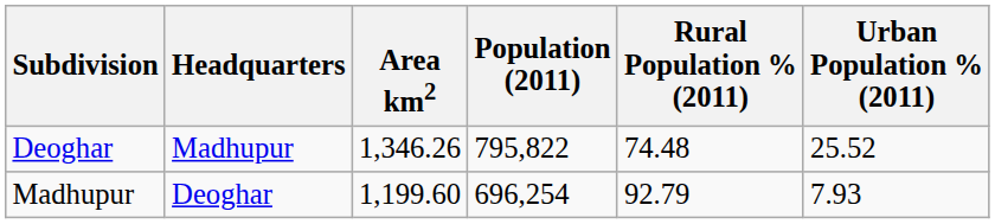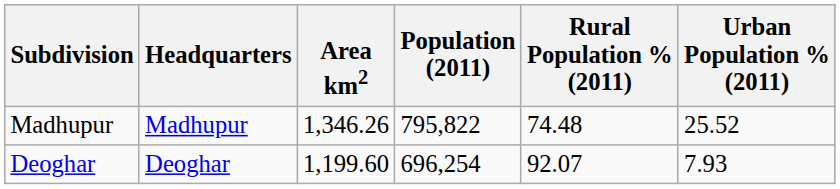 <table class="wikitable sortable">
 <tr>
 <th>Subdivision</th>
 <th>Headquarters</th>
 <th><br>Area<br>km<sup>2</sup></th>
 <th>Population<br>(2011)</th>
 <th>Rural<br>Population %<br>(2011)</th>
 <th>Urban<br> Population % <br>(2011)</th>
 </tr>
 <tr>
-<td><a href='#'>Deoghar</a></td>
+<td>Madhupur</td>
 <td><a href='#'>Madhupur</a></td>
 <td>1,346.26</td>
 <td>795,822</td>
 <td>74.48</td>
 <td>25.52</td>
 </tr>
 <tr>
-<td>Madhupur</td>
+<td><a href='#'>Deoghar</a></td>
 <td><a href='#'>Deoghar</a></td>
 <td>1,199.60</td>
 <td>696,254</td>
-<td>92.79</td>
+<td>92.07</td>
 <td>7.93</td>
 </tr>
 </table>
